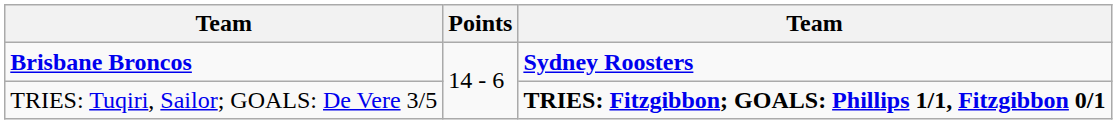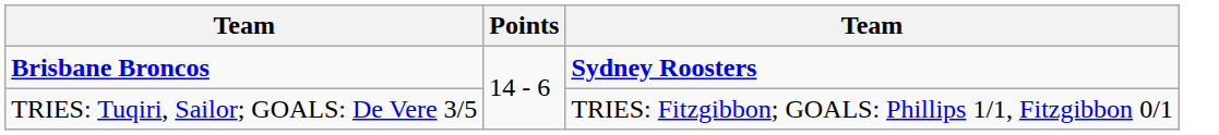 <table class=wikitable>
 <tr>
 <th>Team</th>
 <th>Points</th>
 <th>Team</th>
 </tr>
 <tr>
 <td><strong><a href='#'>Brisbane Broncos</a></strong></td>
 <td rowspan=2>14 - 6</td>
 <td><strong><a href='#'>Sydney Roosters</a></strong></td>
 </tr>
 <tr>
 <td>TRIES: <a href='#'>Tuqiri</a>, <a href='#'>Sailor</a>; GOALS: <a href='#'>De Vere</a> 3/5</td>
-<td><strong>TRIES: <a href='#'>Fitzgibbon</a>; GOALS: <a href='#'>Phillips</a> 1/1, <a href='#'>Fitzgibbon</a> 0/1</strong></td>
+<td>TRIES: <a href='#'>Fitzgibbon</a>; GOALS: <a href='#'>Phillips</a> 1/1, <a href='#'>Fitzgibbon</a> 0/1</td>
 </tr>
 </table>
